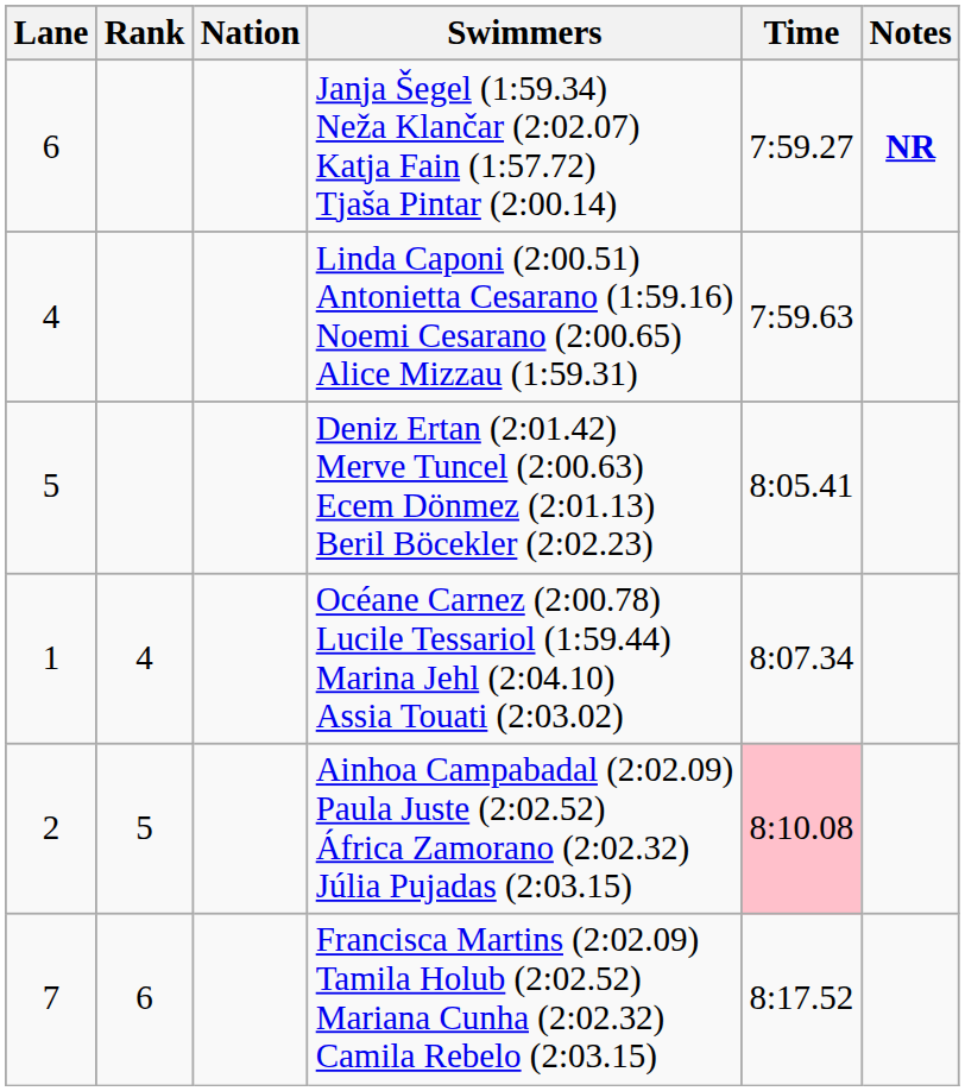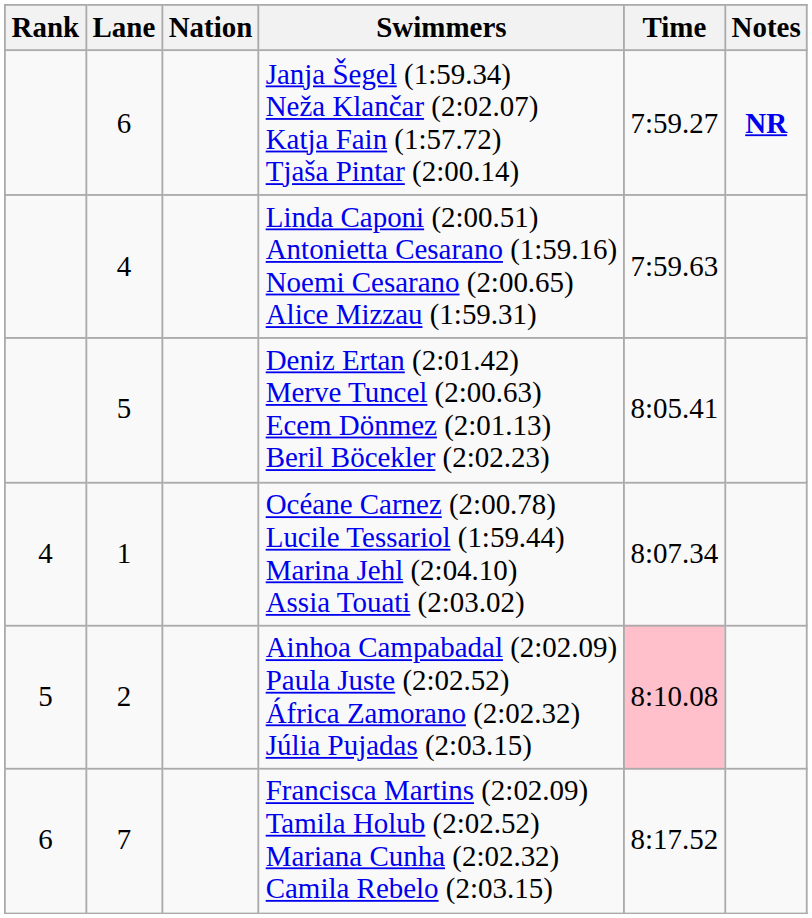 <table class="wikitable sortable" style="text-align:center">
 <tr>
+<th>Rank</th>
 <th>Lane</th>
-<th>Rank</th>
 <th>Nation</th>
 <th>Swimmers</th>
 <th>Time</th>
 <th>Notes</th>
 </tr>
 <tr>
+<td></td>
 <td>6</td>
-<td></td>
 <td align=left></td>
 <td align=left><a href='#'>Janja Šegel</a> (1:59.34)<br><a href='#'>Neža Klančar</a> (2:02.07)<br><a href='#'>Katja Fain</a> (1:57.72)<br><a href='#'>Tjaša Pintar</a> (2:00.14)</td>
 <td>7:59.27</td>
 <td><strong><a href='#'>NR</a></strong></td>
 </tr>
 <tr>
+<td></td>
 <td>4</td>
-<td></td>
 <td align=left></td>
 <td align=left><a href='#'>Linda Caponi</a> (2:00.51)<br><a href='#'>Antonietta Cesarano</a> (1:59.16)<br><a href='#'>Noemi Cesarano</a> (2:00.65)<br><a href='#'>Alice Mizzau</a> (1:59.31)</td>
 <td>7:59.63</td>
 <td></td>
 </tr>
 <tr>
+<td></td>
 <td>5</td>
-<td></td>
 <td align=left></td>
 <td align=left><a href='#'>Deniz Ertan</a> (2:01.42)<br><a href='#'>Merve Tuncel</a> (2:00.63)<br><a href='#'>Ecem Dönmez</a> (2:01.13)<br><a href='#'>Beril Böcekler</a> (2:02.23)</td>
 <td>8:05.41</td>
 <td></td>
 </tr>
 <tr>
+<td>4</td>
 <td>1</td>
-<td>4</td>
 <td align=left></td>
 <td align=left><a href='#'>Océane Carnez</a> (2:00.78)<br><a href='#'>Lucile Tessariol</a> (1:59.44)<br><a href='#'>Marina Jehl</a> (2:04.10)<br><a href='#'>Assia Touati</a> (2:03.02)</td>
 <td>8:07.34</td>
 <td></td>
 </tr>
 <tr>
+<td>5</td>
 <td>2</td>
-<td>5</td>
 <td align=left></td>
 <td align=left><a href='#'>Ainhoa Campabadal</a> (2:02.09)<br><a href='#'>Paula Juste</a> (2:02.52)<br><a href='#'>África Zamorano</a> (2:02.32)<br><a href='#'>Júlia Pujadas</a> (2:03.15)</td>
 <td style="background: pink;">8:10.08</td>
 <td></td>
 </tr>
 <tr>
+<td>6</td>
 <td>7</td>
-<td>6</td>
 <td align=left></td>
 <td align=left><a href='#'>Francisca Martins</a> (2:02.09)<br><a href='#'>Tamila Holub</a> (2:02.52)<br><a href='#'>Mariana Cunha</a> (2:02.32)<br><a href='#'>Camila Rebelo</a> (2:03.15)</td>
 <td>8:17.52</td>
 <td></td>
 </tr>
 </table>
